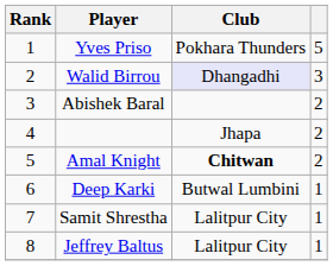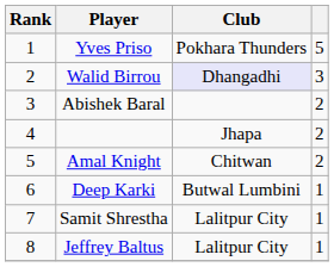 <table class="wikitable" style="text-align:center">
 <tr>
 <th>Rank</th>
 <th>Player</th>
 <th>Club</th>
 <th></th>
 </tr>
 <tr>
 <td>1</td>
 <td> <a href='#'>Yves Priso</a></td>
 <td>Pokhara Thunders</td>
 <td>5</td>
 </tr>
 <tr>
 <td>2</td>
 <td> <a href='#'>Walid Birrou</a></td>
 <td style="background: lavender;">Dhangadhi</td>
 <td>3</td>
 </tr>
 <tr>
 <td>3</td>
 <td> Abishek Baral</td>
 <td></td>
 <td>2</td>
 </tr>
 <tr>
 <td>4</td>
 <td></td>
 <td>Jhapa</td>
 <td>2</td>
 </tr>
 <tr>
 <td>5</td>
 <td> <a href='#'>Amal Knight</a></td>
-<td><strong>Chitwan</strong></td>
+<td>Chitwan</td>
 <td>2</td>
 </tr>
 <tr>
 <td>6</td>
 <td> <a href='#'>Deep Karki</a></td>
 <td>Butwal Lumbini</td>
 <td>1</td>
 </tr>
 <tr>
 <td>7</td>
 <td> Samit Shrestha</td>
 <td>Lalitpur City</td>
 <td>1</td>
 </tr>
 <tr>
 <td>8</td>
 <td> <a href='#'>Jeffrey Baltus</a></td>
 <td>Lalitpur City</td>
 <td>1</td>
 </tr>
 <tr>
 </tr>
 </table>
